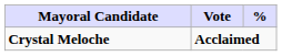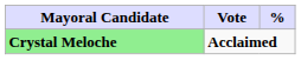 <table class="wikitable">
 <tr>
 <th style="background:#ddf; width:200px;">Mayoral Candidate</th>
 <th style="background:#ddf; width:50px;">Vote</th>
 <th style="background:#ddf; width:30px;">%</th>
 </tr>
 <tr>
-<td><strong>Crystal Meloche</strong></td>
+<td style="background: lightgreen;"><strong>Crystal Meloche</strong></td>
 <td colspan="2"><strong>Acclaimed</strong></td>
 </tr>
 </table>
